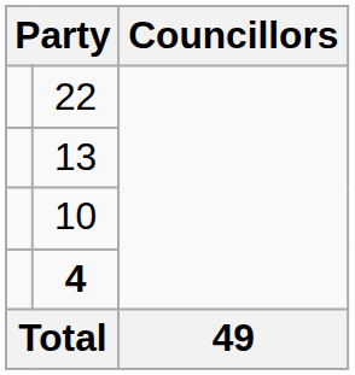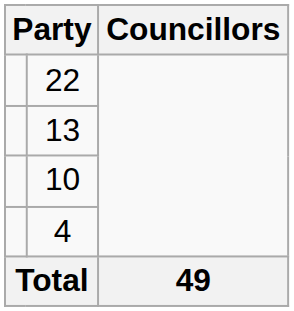 <table class="wikitable">
 <tr>
 <th colspan="2">Party</th>
 <th>Councillors</th>
 </tr>
 <tr>
 <td></td>
 <td align=center>22</td>
 </tr>
 <tr>
 <td></td>
 <td align=center>13</td>
 </tr>
 <tr>
 <td></td>
 <td align=center>10</td>
 </tr>
 <tr>
 <td></td>
-<td align=center><strong>4</strong></td>
+<td align=center>4</td>
 </tr>
 <tr>
 <th colspan=2>Total</th>
 <th>49</th>
 </tr>
 </table>
